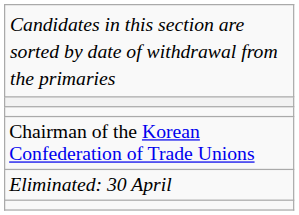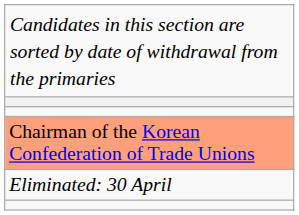 <table class="wikitable defaultcenter">
 <tr>
 <td style="font-size:120%; background:"><em><small>Candidates in this section are sorted by date of withdrawal from the primaries</small></em></td>
 </tr>
 <tr>
 <th scope="col" style="width:11.8em; font-size:120%;"></th>
 </tr>
 <tr>
 <td></td>
 </tr>
 <tr>
-<td>Chairman of the <a href='#'>Korean Confederation of Trade Unions</a></td>
+<td style="background: lightsalmon;">Chairman of the <a href='#'>Korean Confederation of Trade Unions</a></td>
 </tr>
 <tr>
 <td><em>Eliminated: 30 April</em><br></td>
 </tr>
 <tr>
 <td></td>
 </tr>
 </table>
